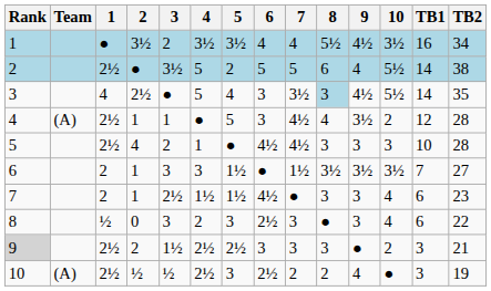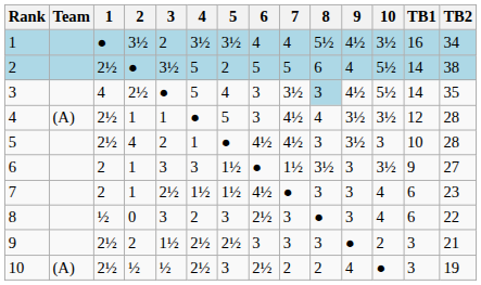 <table class="wikitable">
 <tr>
 <th>Rank</th>
 <th>Team</th>
 <th style="width:1.5em;">1</th>
 <th style="width:1.5em;">2</th>
 <th style="width:1.5em;">3</th>
 <th style="width:1.5em;">4</th>
 <th style="width:1.5em;">5</th>
 <th style="width:1.5em;">6</th>
 <th style="width:1.5em;">7</th>
 <th style="width:1.5em;">8</th>
 <th style="width:1.5em;">9</th>
 <th style="width:1.5em;">10</th>
 <th>TB1</th>
 <th>TB2</th>
 </tr>
 <tr style="background:lightblue">
 <td>1</td>
 <td></td>
 <td>●</td>
 <td>3½</td>
 <td>2</td>
 <td>3½</td>
 <td>3½</td>
 <td>4</td>
 <td>4</td>
 <td>5½</td>
 <td>4½</td>
 <td>3½</td>
 <td>16</td>
 <td>34</td>
 </tr>
 <tr style="background:lightblue">
 <td>2</td>
 <td></td>
 <td>2½</td>
 <td>●</td>
 <td>3½</td>
 <td>5</td>
 <td>2</td>
 <td>5</td>
 <td>5</td>
 <td>6</td>
 <td>4</td>
 <td>5½</td>
 <td>14</td>
 <td>38</td>
 </tr>
 <tr>
 <td>3</td>
 <td></td>
 <td>4</td>
 <td>2½</td>
 <td>●</td>
 <td>5</td>
 <td>4</td>
 <td>3</td>
 <td>3½</td>
 <td style="background: lightblue;">3</td>
 <td>4½</td>
 <td>5½</td>
 <td>14</td>
 <td>35</td>
 </tr>
 <tr>
 <td>4</td>
 <td> (A)</td>
 <td>2½</td>
 <td>1</td>
 <td>1</td>
 <td>●</td>
 <td>5</td>
 <td>3</td>
 <td>4½</td>
 <td>4</td>
 <td>3½</td>
-<td>2</td>
+<td>3½</td>
 <td>12</td>
 <td>28</td>
 </tr>
 <tr>
 <td>5</td>
 <td></td>
 <td>2½</td>
 <td>4</td>
 <td>2</td>
 <td>1</td>
 <td>●</td>
 <td>4½</td>
 <td>4½</td>
 <td>3</td>
-<td>3</td>
+<td>3½</td>
 <td>3</td>
 <td>10</td>
 <td>28</td>
 </tr>
 <tr>
 <td>6</td>
 <td></td>
 <td>2</td>
 <td>1</td>
 <td>3</td>
 <td>3</td>
 <td>1½</td>
 <td>●</td>
 <td>1½</td>
 <td>3½</td>
+<td>3</td>
 <td>3½</td>
-<td>3½</td>
-<td>7</td>
+<td>9</td>
 <td>27</td>
 </tr>
 <tr>
 <td>7</td>
 <td></td>
 <td>2</td>
 <td>1</td>
 <td>2½</td>
 <td>1½</td>
 <td>1½</td>
 <td>4½</td>
 <td>●</td>
 <td>3</td>
 <td>3</td>
 <td>4</td>
 <td>6</td>
 <td>23</td>
 </tr>
 <tr>
 <td>8</td>
 <td></td>
 <td>½</td>
 <td>0</td>
 <td>3</td>
 <td>2</td>
 <td>3</td>
 <td>2½</td>
 <td>3</td>
 <td>●</td>
 <td>3</td>
 <td>4</td>
 <td>6</td>
 <td>22</td>
 </tr>
 <tr>
-<td style="background: lightgrey;">9</td>
+<td>9</td>
 <td></td>
 <td>2½</td>
 <td>2</td>
 <td>1½</td>
 <td>2½</td>
 <td>2½</td>
 <td>3</td>
 <td>3</td>
 <td>3</td>
 <td>●</td>
 <td>2</td>
 <td>3</td>
 <td>21</td>
 </tr>
 <tr>
 <td>10</td>
 <td> (A)</td>
 <td>2½</td>
 <td>½</td>
 <td>½</td>
 <td>2½</td>
 <td>3</td>
 <td>2½</td>
 <td>2</td>
 <td>2</td>
 <td>4</td>
 <td>●</td>
 <td>3</td>
 <td>19</td>
 </tr>
 </table>
